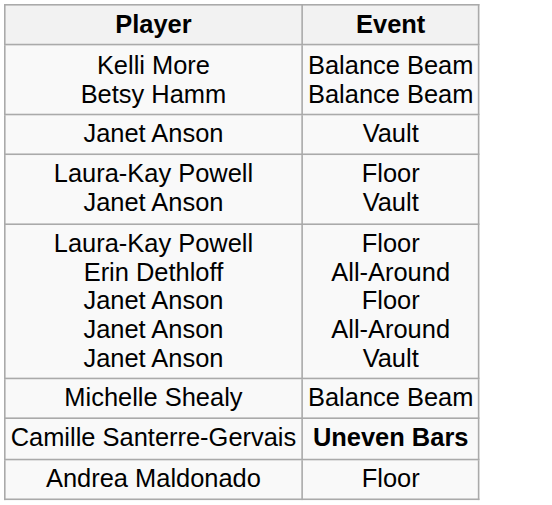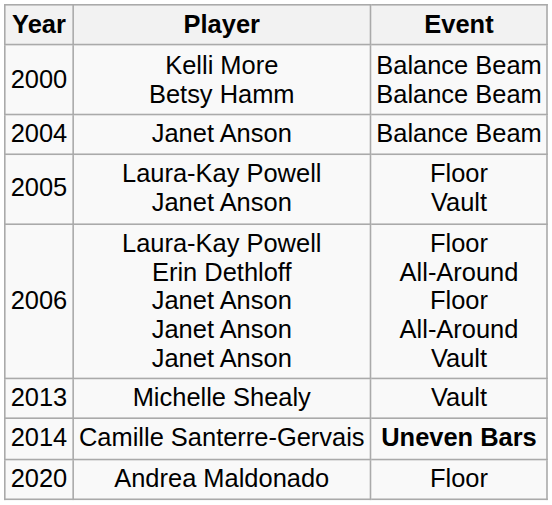 <table class="wikitable" style="text-align: center">
 <tr align=center>
+<th>Year</th>
 <th>Player</th>
 <th>Event</th>
 </tr>
 <tr>
+<td>2000</td>
 <td>Kelli More<br>Betsy Hamm</td>
 <td>Balance Beam<br>Balance Beam</td>
 </tr>
 <tr>
+<td>2004</td>
 <td>Janet Anson</td>
-<td>Vault</td>
+<td>Balance Beam</td>
 </tr>
 <tr>
+<td>2005</td>
 <td>Laura-Kay Powell<br>Janet Anson</td>
 <td>Floor<br>Vault</td>
 </tr>
 <tr>
+<td>2006</td>
 <td>Laura-Kay Powell<br>Erin Dethloff<br>Janet Anson<br>Janet Anson<br>Janet Anson</td>
 <td>Floor<br>All-Around<br>Floor<br>All-Around<br>Vault</td>
 </tr>
 <tr>
+<td>2013</td>
 <td>Michelle Shealy</td>
-<td>Balance Beam</td>
+<td>Vault</td>
 </tr>
 <tr>
+<td>2014</td>
 <td>Camille Santerre-Gervais</td>
 <td><strong>Uneven Bars</strong></td>
 </tr>
 <tr>
+<td>2020</td>
 <td>Andrea Maldonado</td>
 <td>Floor</td>
 </tr>
 </table>
